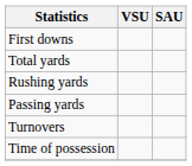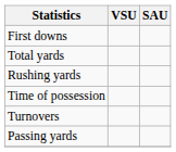 <table class="wikitable" style="float: left;">
 <tr>
 <th>Statistics</th>
 <th>VSU</th>
 <th>SAU</th>
 </tr>
 <tr>
 <td>First downs</td>
 <td></td>
 <td></td>
 </tr>
 <tr>
 <td>Total yards</td>
 <td></td>
 <td></td>
 </tr>
 <tr>
 <td>Rushing yards</td>
 <td></td>
 <td></td>
 </tr>
 <tr>
-<td>Passing yards</td>
+<td>Time of possession</td>
 <td></td>
 <td></td>
 </tr>
 <tr>
 <td>Turnovers</td>
 <td></td>
 <td></td>
 </tr>
 <tr>
-<td>Time of possession</td>
+<td>Passing yards</td>
 <td></td>
 <td></td>
 </tr>
 <tr>
 </tr>
 </table>
